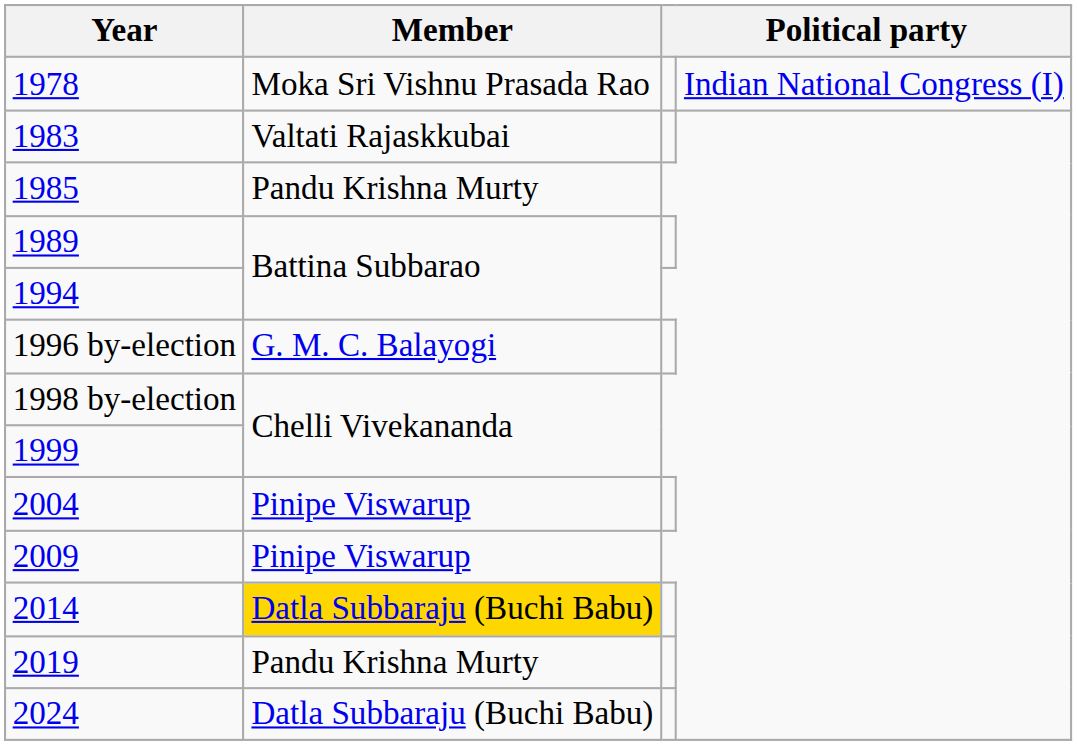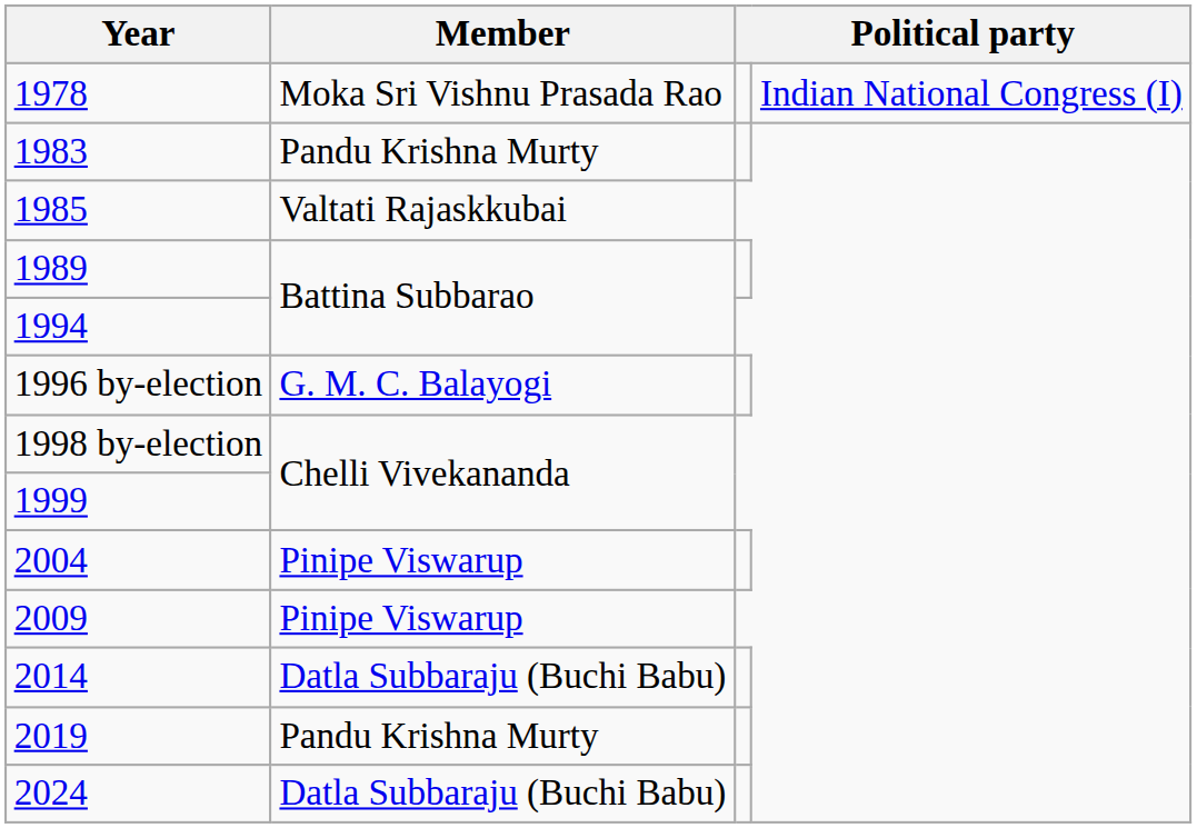 <table class="wikitable sortable">
 <tr>
 <th>Year</th>
 <th>Member</th>
 <th colspan="2">Political party</th>
 </tr>
 <tr>
 <td><a href='#'>1978</a></td>
 <td>Moka Sri Vishnu Prasada Rao</td>
 <td style="background-color: "></td>
 <td><a href='#'>Indian National Congress (I)</a></td>
 </tr>
 <tr>
 <td><a href='#'>1983</a></td>
-<td>Valtati Rajaskkubai</td>
+<td>Pandu Krishna Murty</td>
 <td></td>
 </tr>
 <tr>
 <td><a href='#'>1985</a></td>
-<td>Pandu Krishna Murty</td>
+<td>Valtati Rajaskkubai</td>
 </tr>
 <tr>
 <td><a href='#'>1989</a></td>
 <td rowspan=2>Battina Subbarao</td>
 <td></td>
 </tr>
 <tr>
 <td><a href='#'>1994</a></td>
 </tr>
 <tr>
 <td>1996 by-election</td>
 <td><a href='#'>G. M. C. Balayogi</a></td>
 <td></td>
 </tr>
 <tr>
 <td>1998 by-election</td>
 <td rowspan=2>Chelli Vivekananda</td>
 </tr>
 <tr>
 <td><a href='#'>1999</a></td>
 </tr>
 <tr>
 <td><a href='#'>2004</a></td>
 <td><a href='#'>Pinipe Viswarup</a></td>
 <td></td>
 </tr>
 <tr>
 <td><a href='#'>2009</a></td>
 <td><a href='#'>Pinipe Viswarup</a></td>
 </tr>
 <tr>
 <td><a href='#'>2014</a></td>
-<td style="background: gold;"><a href='#'>Datla Subbaraju</a> (Buchi Babu)</td>
+<td><a href='#'>Datla Subbaraju</a> (Buchi Babu)</td>
 <td></td>
 </tr>
 <tr>
 <td><a href='#'>2019</a></td>
 <td>Pandu Krishna Murty</td>
 <td></td>
 </tr>
 <tr>
 <td><a href='#'>2024</a></td>
 <td><a href='#'>Datla Subbaraju</a> (Buchi Babu)</td>
 <td></td>
 </tr>
 </table>
